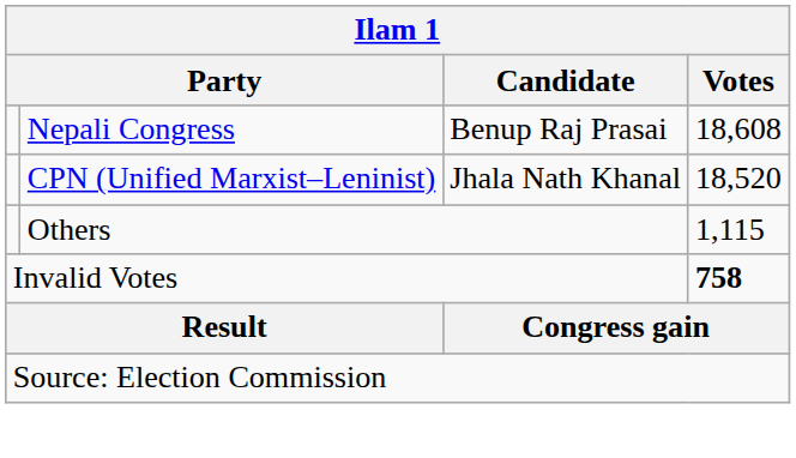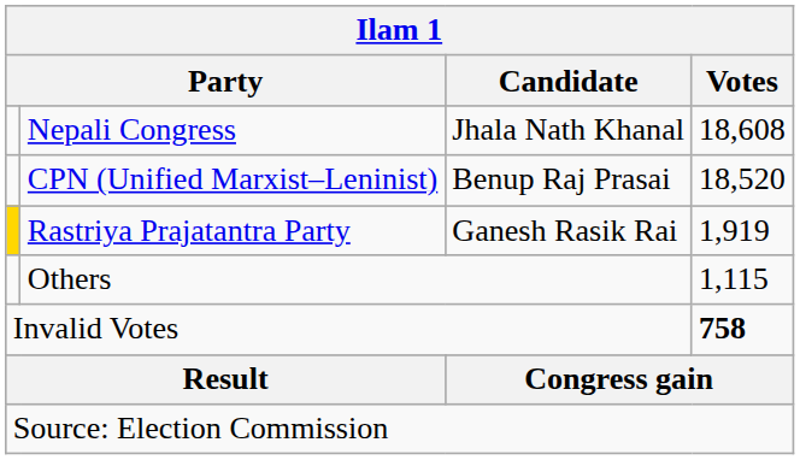 <table class="wikitable">
 <tr>
 <th colspan="4"><a href='#'>Ilam 1</a></th>
 </tr>
 <tr>
 <th colspan="2">Party</th>
 <th>Candidate</th>
 <th>Votes</th>
 </tr>
 <tr>
 <td style="background-color:"></td>
 <td><a href='#'>Nepali Congress</a></td>
-<td>Benup Raj Prasai</td>
+<td>Jhala Nath Khanal</td>
 <td>18,608</td>
 </tr>
 <tr>
 <td style="background-color:"></td>
 <td><a href='#'>CPN (Unified Marxist–Leninist)</a></td>
-<td>Jhala Nath Khanal</td>
+<td>Benup Raj Prasai</td>
 <td>18,520</td>
+</tr>
+<tr>
+<td style="background-color:gold"></td>
+<td><a href='#'>Rastriya Prajatantra Party</a></td>
+<td>Ganesh Rasik Rai</td>
+<td>1,919</td>
 </tr>
 <tr>
 <td></td>
 <td colspan="2">Others</td>
 <td>1,115</td>
 </tr>
 <tr>
 <td colspan="3">Invalid Votes</td>
 <td><strong>758</strong></td>
 </tr>
 <tr>
 <th colspan="2">Result</th>
 <th colspan="2">Congress gain</th>
 </tr>
 <tr>
 <td colspan="4">Source: Election Commission</td>
 </tr>
 </table>
